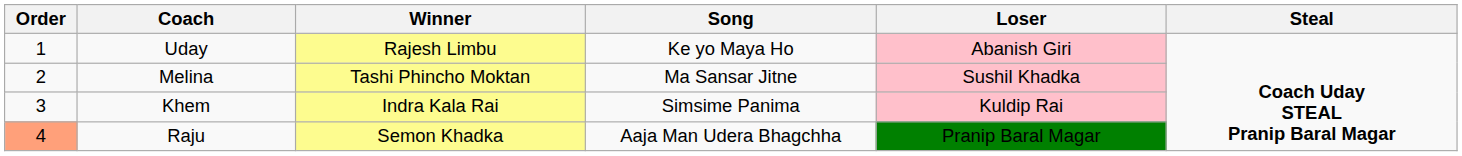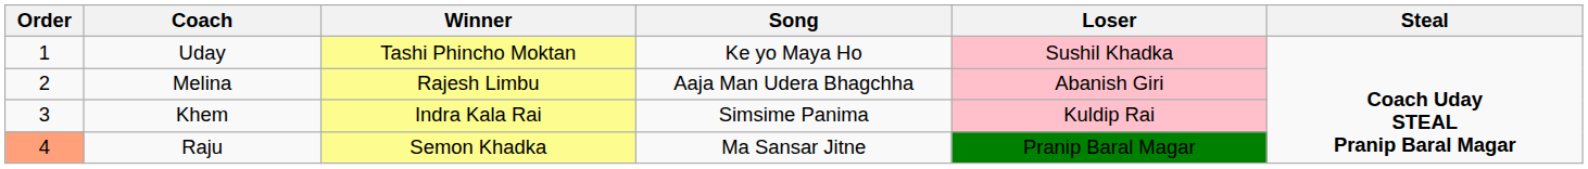 <table class="wikitable" style="text-align:center; width:100%;">
 <tr>
 <th scope="col" style="width:5%;">Order</th>
 <th scope="col" style="width:15%;">Coach</th>
 <th scope="col" style="width:20%;">Winner</th>
 <th scope="col" style="width:20%;">Song</th>
 <th scope="col" style="width:20%;">Loser</th>
 <th scope="col" style="width:20%;">Steal</th>
 </tr>
 <tr>
 <td scope="row">1</td>
 <td>Uday</td>
-<td style="background:#fdfc8f;">Rajesh Limbu</td>
+<td style="background:#fdfc8f;">Tashi Phincho Moktan</td>
 <td>Ke yo Maya Ho</td>
-<td style="background:pink;">Abanish Giri</td>
+<td style="background:pink;">Sushil Khadka</td>
 <td rowspan="4"><br><br><strong>Coach Uday</strong> <br><strong>STEAL</strong> <br><strong>Pranip Baral Magar</strong></td>
 </tr>
 <tr>
 <td scope="row">2</td>
 <td>Melina</td>
-<td style="background:#fdfc8f;">Tashi Phincho Moktan</td>
-<td>Ma Sansar Jitne</td>
-<td style="background:pink;">Sushil Khadka</td>
+<td style="background:#fdfc8f;">Rajesh Limbu</td>
+<td>Aaja Man Udera Bhagchha</td>
+<td style="background:pink;">Abanish Giri</td>
 </tr>
 <tr>
 <td scope="row">3</td>
 <td>Khem</td>
 <td style="background:#fdfc8f;">Indra Kala Rai</td>
 <td>Simsime Panima</td>
 <td style="background:pink;">Kuldip Rai</td>
 </tr>
 <tr>
 <td scope="row" style="background: lightsalmon;">4</td>
 <td>Raju</td>
 <td style="background:#fdfc8f;">Semon Khadka</td>
-<td>Aaja Man Udera Bhagchha</td>
+<td>Ma Sansar Jitne</td>
 <td style="background:Green;">Pranip Baral Magar</td>
 </tr>
 </table>
